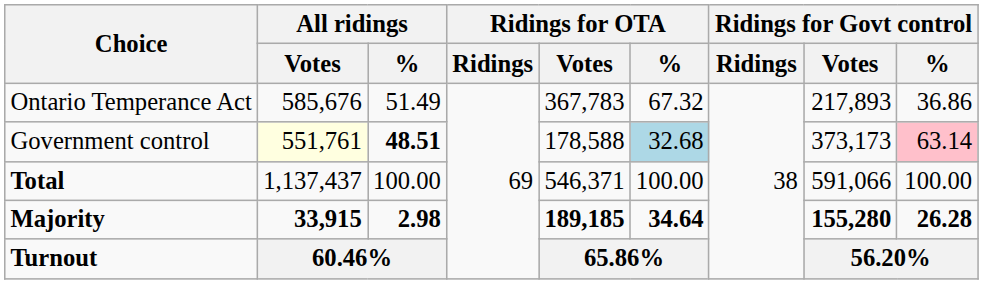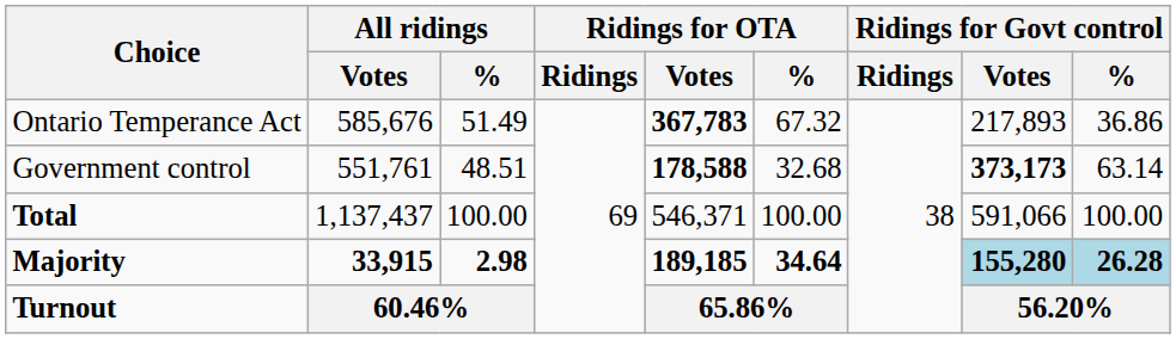 <table class="wikitable" style="text-align:right;">
 <tr>
 <th rowspan="2">Choice</th>
 <th colspan="2">All ridings</th>
 <th colspan="3">Ridings for OTA</th>
 <th colspan="3">Ridings for Govt control</th>
 </tr>
 <tr>
 <th>Votes</th>
 <th>%</th>
 <th>Ridings</th>
 <th>Votes</th>
 <th>%</th>
 <th>Ridings</th>
 <th>Votes</th>
 <th>%</th>
 </tr>
 <tr>
 <td style="text-align:left;">Ontario Temperance Act</td>
 <td>585,676</td>
 <td>51.49</td>
 <td rowspan="5">69</td>
-<td>367,783</td>
+<td><strong>367,783</strong></td>
 <td>67.32</td>
 <td rowspan="5">38</td>
 <td>217,893</td>
 <td>36.86</td>
 </tr>
 <tr>
 <td style="text-align:left;">Government control</td>
-<td style="background: lightyellow;">551,761</td>
-<td><strong>48.51</strong></td>
-<td>178,588</td>
-<td style="background: lightblue;">32.68</td>
-<td>373,173</td>
-<td style="background: pink;">63.14</td>
+<td>551,761</td>
+<td>48.51</td>
+<td><strong>178,588</strong></td>
+<td>32.68</td>
+<td><strong>373,173</strong></td>
+<td>63.14</td>
 </tr>
 <tr>
 <td style="text-align:left;"><strong>Total</strong></td>
 <td>1,137,437</td>
 <td>100.00</td>
 <td>546,371</td>
 <td>100.00</td>
 <td>591,066</td>
 <td>100.00</td>
 </tr>
 <tr>
 <td style="text-align:left;"><strong>Majority</strong></td>
 <td><strong>33,915</strong></td>
 <td><strong>2.98</strong></td>
 <td><strong>189,185</strong></td>
 <td><strong>34.64</strong></td>
-<td><strong>155,280</strong></td>
-<td><strong>26.28</strong></td>
+<td style="background: lightblue;"><strong>155,280</strong></td>
+<td style="background: lightblue;"><strong>26.28</strong></td>
 </tr>
 <tr>
 <td style="text-align:left;"><strong>Turnout</strong></td>
 <th colspan="2">60.46%</th>
 <th colspan="2">65.86%</th>
 <th colspan="2">56.20%</th>
 </tr>
 </table>
